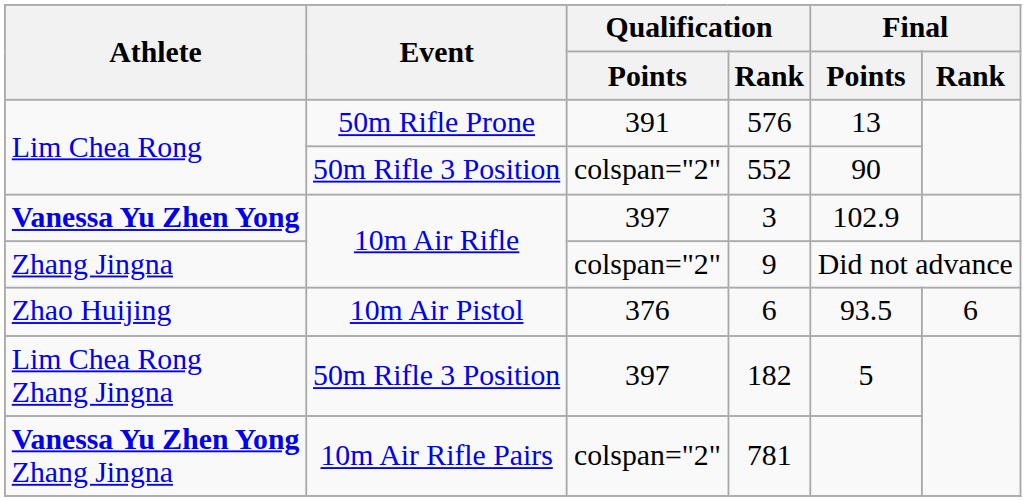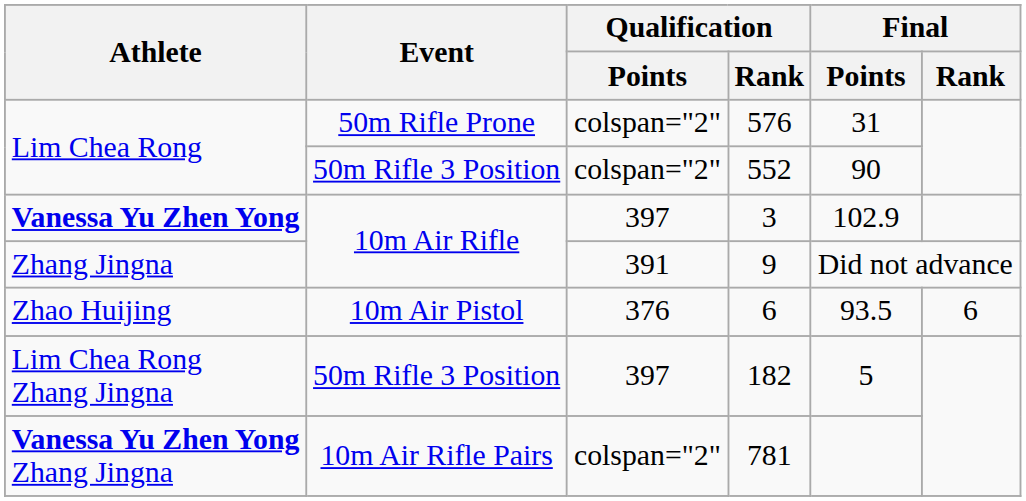 <table class="wikitable">
 <tr>
 <th rowspan="2">Athlete</th>
 <th rowspan="2">Event</th>
 <th colspan="2">Qualification</th>
 <th colspan="2">Final</th>
 </tr>
 <tr>
 <th>Points</th>
 <th>Rank</th>
 <th>Points</th>
 <th>Rank</th>
 </tr>
 <tr align="center">
 <td rowspan="2" align="left"><a href='#'>Lim Chea Rong</a></td>
 <td><a href='#'>50m Rifle Prone</a></td>
-<td>391</td>
+<td>colspan="2" </td>
 <td>576</td>
-<td>13</td>
+<td>31</td>
 </tr>
 <tr align="center">
 <td><a href='#'>50m Rifle 3 Position</a></td>
 <td>colspan="2" </td>
 <td>552</td>
 <td>90</td>
 </tr>
 <tr align="center">
 <td align="left"><strong><a href='#'>Vanessa Yu Zhen Yong</a></strong></td>
 <td rowspan="2"><a href='#'>10m Air Rifle</a></td>
 <td>397</td>
 <td>3</td>
 <td>102.9</td>
 <td></td>
 </tr>
 <tr align="center">
 <td align="left"><a href='#'>Zhang Jingna</a></td>
-<td>colspan="2" </td>
+<td>391</td>
 <td>9</td>
 <td colspan="2">Did not advance</td>
 </tr>
 <tr align="center">
 <td align="left"><a href='#'>Zhao Huijing</a></td>
 <td><a href='#'>10m Air Pistol</a></td>
 <td>376</td>
 <td>6</td>
 <td>93.5</td>
 <td>6</td>
 </tr>
 <tr align="center">
 <td align="left"><a href='#'>Lim Chea Rong</a><br><a href='#'>Zhang Jingna</a></td>
 <td><a href='#'>50m Rifle 3 Position</a></td>
 <td>397</td>
 <td>182</td>
 <td>5</td>
 </tr>
 <tr align="center">
 <td align="left"><strong><a href='#'>Vanessa Yu Zhen Yong</a></strong><br><a href='#'>Zhang Jingna</a></td>
 <td><a href='#'>10m Air Rifle Pairs</a></td>
 <td>colspan="2" </td>
 <td>781</td>
 <td></td>
 </tr>
 </table>
